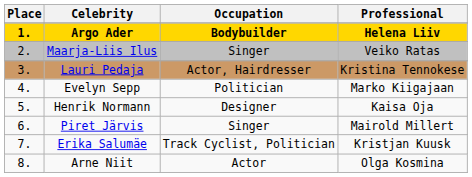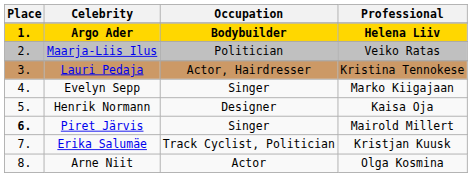 <table class="sortable wikitable">
 <tr>
 <th>Place</th>
 <th>Celebrity</th>
 <th>Occupation</th>
 <th>Professional</th>
 </tr>
 <tr -->
 </tr>
 <tr bgcolor="gold">
 <td align="center"><strong>1.</strong></td>
 <td align="center"><strong>Argo Ader</strong></td>
 <td align="center"><strong>Bodybuilder</strong></td>
 <td align="center"><strong>Helena Liiv</strong></td>
 </tr>
 <tr -->
 </tr>
 <tr bgcolor="silver">
 <td align="center">2.</td>
 <td align="center"><a href='#'>Maarja-Liis Ilus</a></td>
-<td align="center">Singer</td>
+<td align="center">Politician</td>
 <td align="center">Veiko Ratas</td>
 </tr>
 <tr -->
 </tr>
 <tr bgcolor="#cc9966">
 <td align="center">3.</td>
 <td align="center"><a href='#'>Lauri Pedaja</a></td>
 <td align="center">Actor, Hairdresser</td>
 <td align="center">Kristina Tennokese</td>
 </tr>
 <tr -->
 <td align="center">4.</td>
 <td align="center">Evelyn Sepp</td>
-<td align="center">Politician</td>
+<td align="center">Singer</td>
 <td align="center">Marko Kiigajaan</td>
 </tr>
 <tr -->
 <td align="center">5.</td>
 <td align="center">Henrik Normann</td>
 <td align="center">Designer</td>
 <td align="center">Kaisa Oja</td>
 </tr>
 <tr -->
-<td align="center">6.</td>
+<td align="center"><strong>6.</strong></td>
 <td align="center"><a href='#'>Piret Järvis</a></td>
 <td align="center">Singer</td>
 <td align="center">Mairold Millert</td>
 </tr>
 <tr -->
 <td align="center">7.</td>
 <td align="center"><a href='#'>Erika Salumäe</a></td>
 <td align="center">Track Cyclist, Politician</td>
 <td align="center">Kristjan Kuusk</td>
 </tr>
 <tr -->
 <td align="center">8.</td>
 <td align="center">Arne Niit</td>
 <td align="center">Actor</td>
 <td align="center">Olga Kosmina</td>
 </tr>
 </table>
